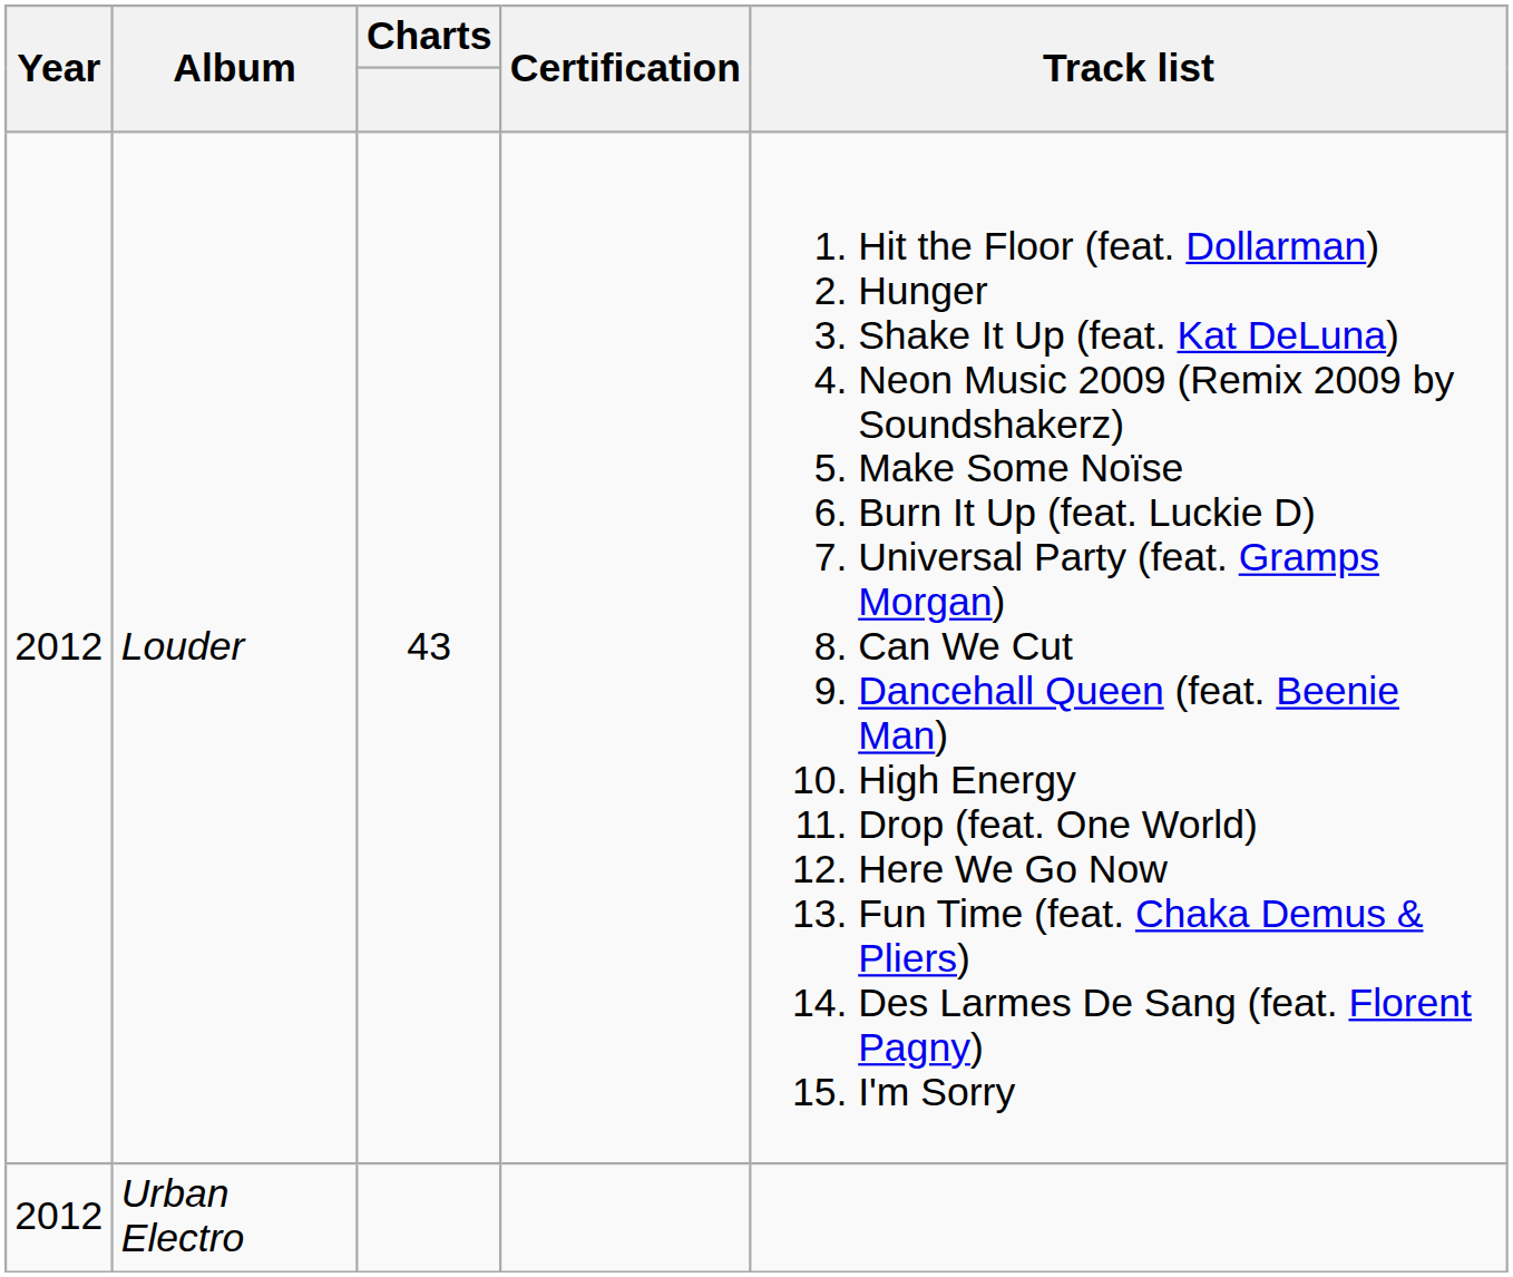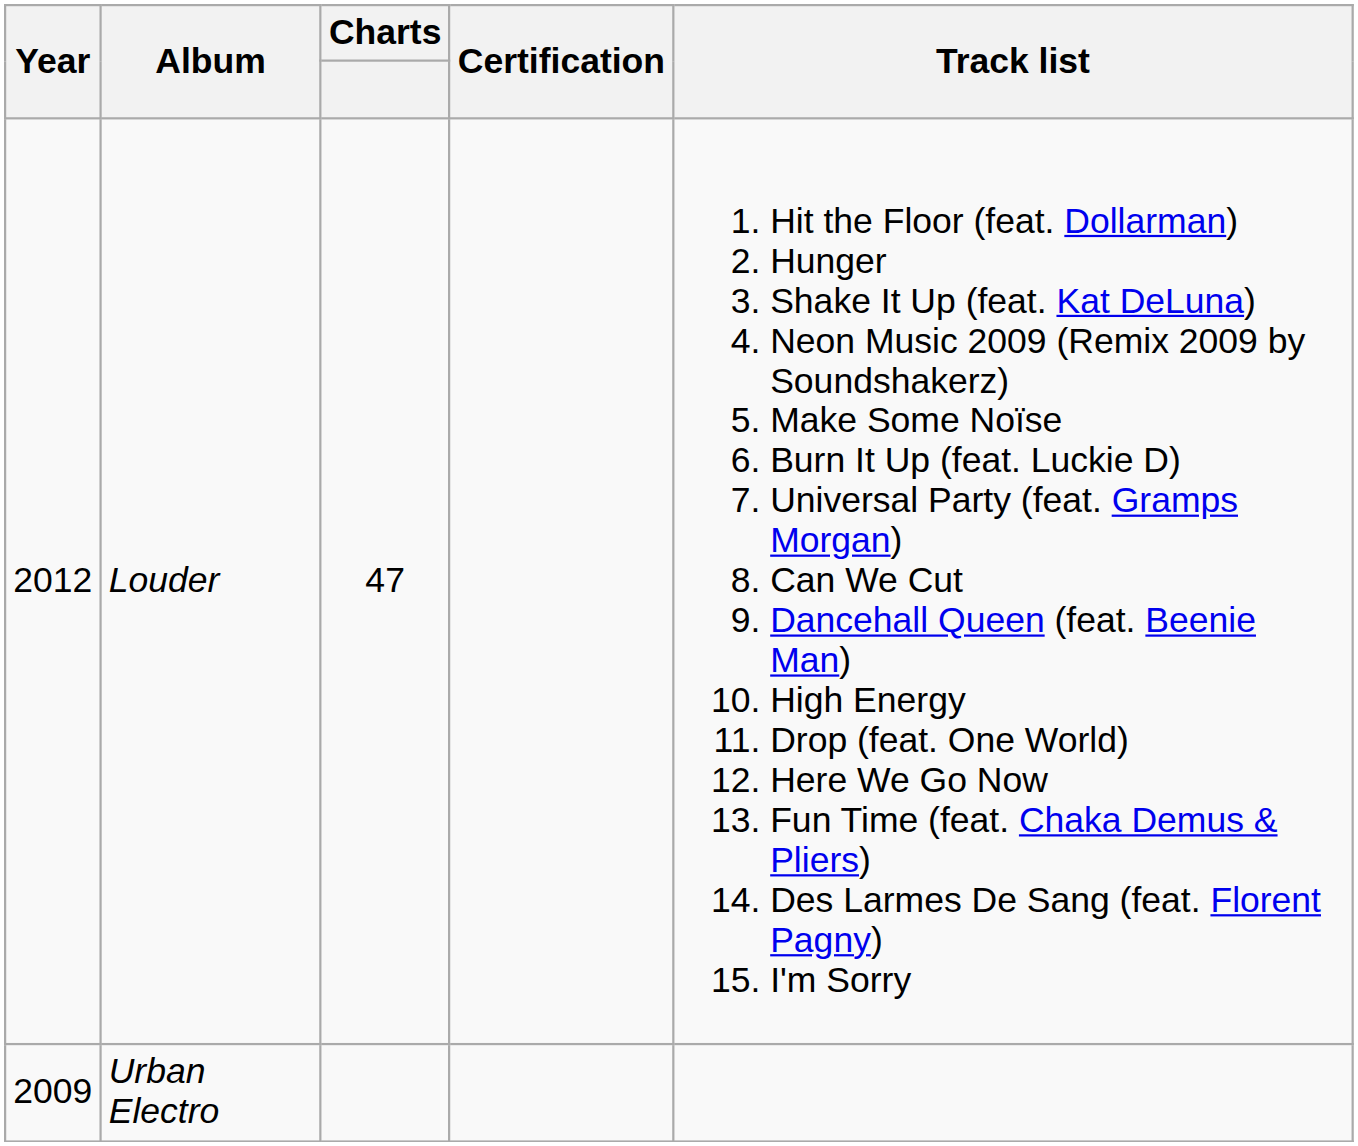 <table class="wikitable">
 <tr>
 <th align="center" rowspan="2" width="5">Year</th>
 <th align="center" rowspan="2" width="120">Album</th>
 <th align="center" colspan="1" width="10">Charts</th>
 <th align="center" rowspan="2" width="50">Certification</th>
 <th align="center" rowspan="2" width="400">Track list</th>
 </tr>
 <tr>
 <th width="20"><br></th>
 </tr>
 <tr>
 <td align="center">2012</td>
 <td><em>Louder</em></td>
-<td align="center">43</td>
+<td align="center">47</td>
 <td align="center"></td>
 <td align="left"><br><ol><li>Hit the Floor (feat. <a href='#'>Dollarman</a>)</li><li>Hunger</li><li>Shake It Up (feat. <a href='#'>Kat DeLuna</a>)</li><li>Neon Music 2009 (Remix 2009 by Soundshakerz)</li><li>Make Some Noïse</li><li>Burn It Up (feat. Luckie D)</li><li>Universal Party (feat. <a href='#'>Gramps Morgan</a>)</li><li>Can We Cut</li><li><a href='#'>Dancehall Queen</a> (feat. <a href='#'>Beenie Man</a>)</li><li>High Energy</li><li>Drop (feat. One World)</li><li>Here We Go Now</li><li>Fun Time (feat. <a href='#'>Chaka Demus & Pliers</a>)</li><li>Des Larmes De Sang (feat. <a href='#'>Florent Pagny</a>)</li><li>I'm Sorry</li></ol></td>
 </tr>
 <tr>
-<td align="center">2012</td>
+<td align="center">2009</td>
 <td><em>Urban Electro</em></td>
 <td align="center"></td>
 <td align="center"></td>
 <td align="left"></td>
 </tr>
 <tr>
 </tr>
 </table>
